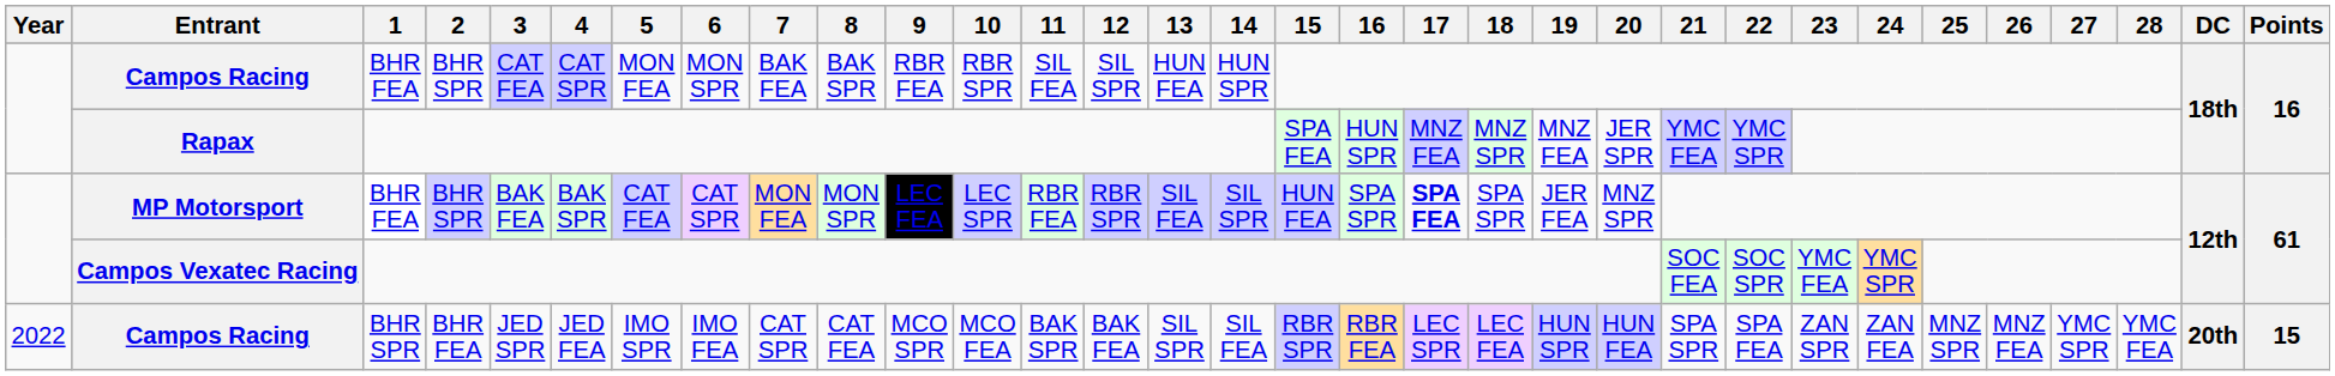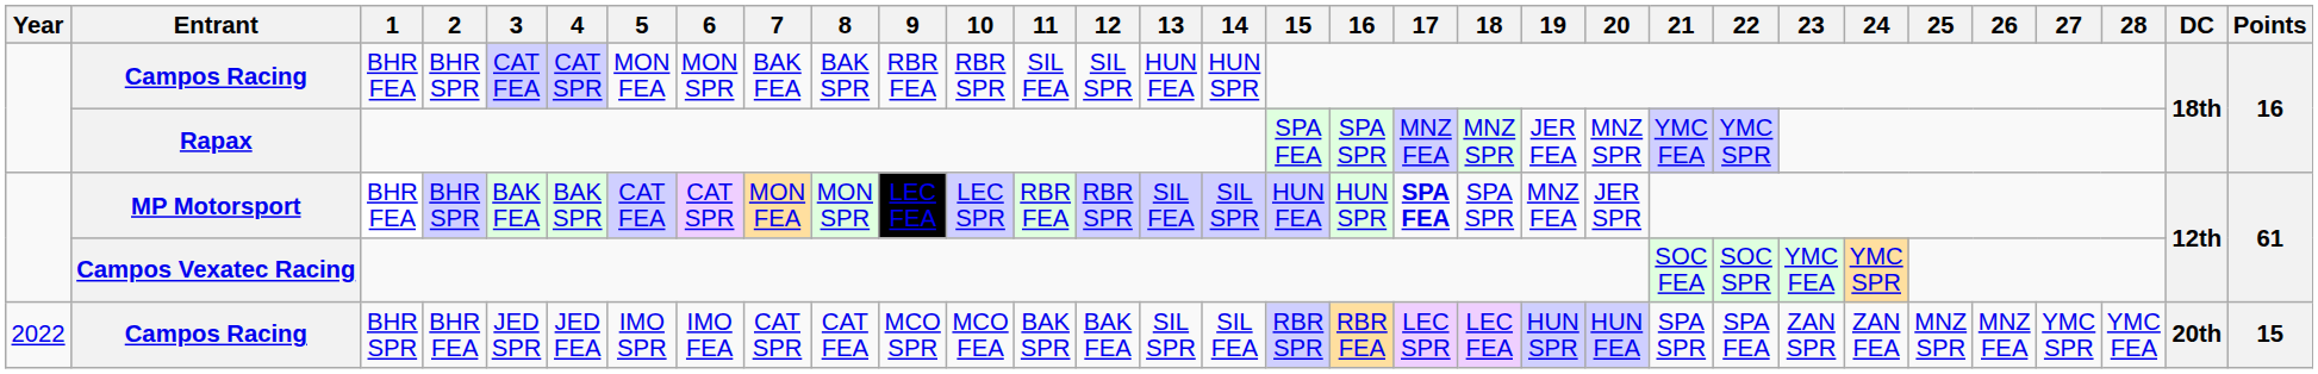 <table class="wikitable" style="text-align:center; font-size:85%">
 <tr>
 <th>Year</th>
 <th>Entrant</th>
 <th>1</th>
 <th>2</th>
 <th>3</th>
 <th>4</th>
 <th>5</th>
 <th>6</th>
 <th>7</th>
 <th>8</th>
 <th>9</th>
 <th>10</th>
 <th>11</th>
 <th>12</th>
 <th>13</th>
 <th>14</th>
 <th>15</th>
 <th>16</th>
 <th>17</th>
 <th>18</th>
 <th>19</th>
 <th>20</th>
 <th>21</th>
 <th>22</th>
 <th>23</th>
 <th>24</th>
 <th>25</th>
 <th>26</th>
 <th>27</th>
 <th>28</th>
 <th>DC</th>
 <th>Points</th>
 </tr>
 <tr>
 <td rowspan=2></td>
 <th nowrap><a href='#'>Campos Racing</a></th>
 <td><a href='#'>BHR<br>FEA</a></td>
 <td><a href='#'>BHR<br>SPR</a></td>
 <td style="background:#CFCFFF"><a href='#'>CAT<br>FEA</a><br></td>
 <td style="background:#CFCFFF"><a href='#'>CAT<br>SPR</a><br></td>
 <td><a href='#'>MON<br>FEA</a></td>
 <td><a href='#'>MON<br>SPR</a></td>
 <td><a href='#'>BAK<br>FEA</a></td>
 <td><a href='#'>BAK<br>SPR</a></td>
 <td><a href='#'>RBR<br>FEA</a></td>
 <td><a href='#'>RBR<br>SPR</a></td>
 <td><a href='#'>SIL<br>FEA</a></td>
 <td><a href='#'>SIL<br>SPR</a></td>
 <td><a href='#'>HUN<br>FEA</a></td>
 <td><a href='#'>HUN<br>SPR</a></td>
 <td colspan=14></td>
 <th rowspan=2>18th</th>
 <th rowspan=2>16</th>
 </tr>
 <tr>
 <th nowrap><a href='#'>Rapax</a></th>
 <td colspan=14></td>
 <td style="background:#DFFFDF"><a href='#'>SPA<br>FEA</a><br></td>
-<td style="background:#DFFFDF"><a href='#'>HUN<br>SPR</a><br></td>
+<td style="background:#DFFFDF"><a href='#'>SPA<br>SPR</a><br></td>
 <td style="background:#CFCFFF"><a href='#'>MNZ<br>FEA</a><br></td>
 <td style="background:#DFFFDF"><a href='#'>MNZ<br>SPR</a><br></td>
-<td><a href='#'>MNZ<br>FEA</a></td>
-<td><a href='#'>JER<br>SPR</a></td>
+<td><a href='#'>JER<br>FEA</a></td>
+<td><a href='#'>MNZ<br>SPR</a></td>
 <td style="background:#CFCFFF;"><a href='#'>YMC<br>FEA</a><br></td>
 <td style="background:#CFCFFF;"><a href='#'>YMC<br>SPR</a><br></td>
 <td colspan=6></td>
 </tr>
 <tr>
 <td rowspan=2></td>
 <th nowrap><a href='#'>MP Motorsport</a></th>
 <td style="background:#FFFFFF"><a href='#'>BHR<br>FEA</a><br></td>
 <td style="background:#CFCFFF"><a href='#'>BHR<br>SPR</a><br></td>
 <td style="background:#DFFFDF"><a href='#'>BAK<br>FEA</a><br></td>
 <td style="background:#DFFFDF"><a href='#'>BAK<br>SPR</a><br></td>
 <td style="background:#CFCFFF"><a href='#'>CAT<br>FEA</a><br></td>
 <td style="background:#EFCFFF"><a href='#'>CAT<br>SPR</a><br></td>
 <td style="background:#FFDF9F"><a href='#'>MON<br>FEA</a><br></td>
 <td style="background:#DFFFDF"><a href='#'>MON<br>SPR</a><br></td>
 <td style="background:#000000; color:white"><a href='#'><span>LEC<br>FEA</span></a><br></td>
 <td style="background:#CFCFFF"><a href='#'>LEC<br>SPR</a><br></td>
 <td style="background:#DFFFDF"><a href='#'>RBR<br>FEA</a><br></td>
 <td style="background:#CFCFFF"><a href='#'>RBR<br>SPR</a><br></td>
 <td style="background:#CFCFFF"><a href='#'>SIL<br>FEA</a><br></td>
 <td style="background:#CFCFFF"><a href='#'>SIL<br>SPR</a><br></td>
 <td style="background:#CFCFFF"><a href='#'>HUN<br>FEA</a><br></td>
-<td style="background:#DFFFDF"><a href='#'>SPA<br>SPR</a><br></td>
+<td style="background:#DFFFDF"><a href='#'>HUN<br>SPR</a><br></td>
 <td><strong><a href='#'>SPA<br>FEA</a></strong></td>
 <td><a href='#'>SPA<br>SPR</a></td>
-<td><a href='#'>JER<br>FEA</a></td>
-<td><a href='#'>MNZ<br>SPR</a></td>
+<td><a href='#'>MNZ<br>FEA</a></td>
+<td><a href='#'>JER<br>SPR</a></td>
 <td colspan=8></td>
 <th rowspan=2>12th</th>
 <th rowspan=2>61</th>
 </tr>
 <tr>
 <th nowrap><a href='#'>Campos Vexatec Racing</a></th>
 <td colspan=20></td>
 <td style="background:#DFFFDF"><a href='#'>SOC<br>FEA</a><br></td>
 <td style="background:#DFFFDF"><a href='#'>SOC<br>SPR</a><br></td>
 <td style="background:#DFFFDF"><a href='#'>YMC<br>FEA</a><br></td>
 <td style="background:#FFDF9F"><a href='#'>YMC<br>SPR</a><br></td>
 <td colspan=4></td>
 </tr>
 <tr>
 <td><a href='#'>2022</a></td>
 <th nowrap><a href='#'>Campos Racing</a></th>
 <td><a href='#'>BHR<br>SPR</a></td>
 <td><a href='#'>BHR<br>FEA</a></td>
 <td><a href='#'>JED<br>SPR</a></td>
 <td><a href='#'>JED<br>FEA</a></td>
 <td><a href='#'>IMO<br>SPR</a></td>
 <td><a href='#'>IMO<br>FEA</a></td>
 <td><a href='#'>CAT<br>SPR</a></td>
 <td><a href='#'>CAT<br>FEA</a></td>
 <td><a href='#'>MCO<br>SPR</a></td>
 <td><a href='#'>MCO<br>FEA</a></td>
 <td><a href='#'>BAK<br>SPR</a></td>
 <td><a href='#'>BAK<br>FEA</a></td>
 <td><a href='#'>SIL<br>SPR</a></td>
 <td><a href='#'>SIL<br>FEA</a></td>
 <td style="background:#CFCFFF"><a href='#'>RBR<br>SPR</a><br></td>
 <td style="background:#FFDF9F"><a href='#'>RBR<br>FEA</a><br></td>
 <td style="background:#EFCFFF"><a href='#'>LEC<br>SPR</a><br></td>
 <td style="background:#EFCFFF"><a href='#'>LEC<br>FEA</a><br></td>
 <td style="background:#CFCFFF"><a href='#'>HUN<br>SPR</a><br></td>
 <td style="background:#CFCFFF"><a href='#'>HUN<br>FEA</a><br></td>
 <td><a href='#'>SPA<br>SPR</a></td>
 <td><a href='#'>SPA<br>FEA</a></td>
 <td><a href='#'>ZAN<br>SPR</a></td>
 <td><a href='#'>ZAN<br>FEA</a></td>
 <td><a href='#'>MNZ<br>SPR</a></td>
 <td><a href='#'>MNZ<br>FEA</a></td>
 <td><a href='#'>YMC<br>SPR</a></td>
 <td><a href='#'>YMC<br>FEA</a></td>
 <th>20th</th>
 <th>15</th>
 </tr>
 </table>
